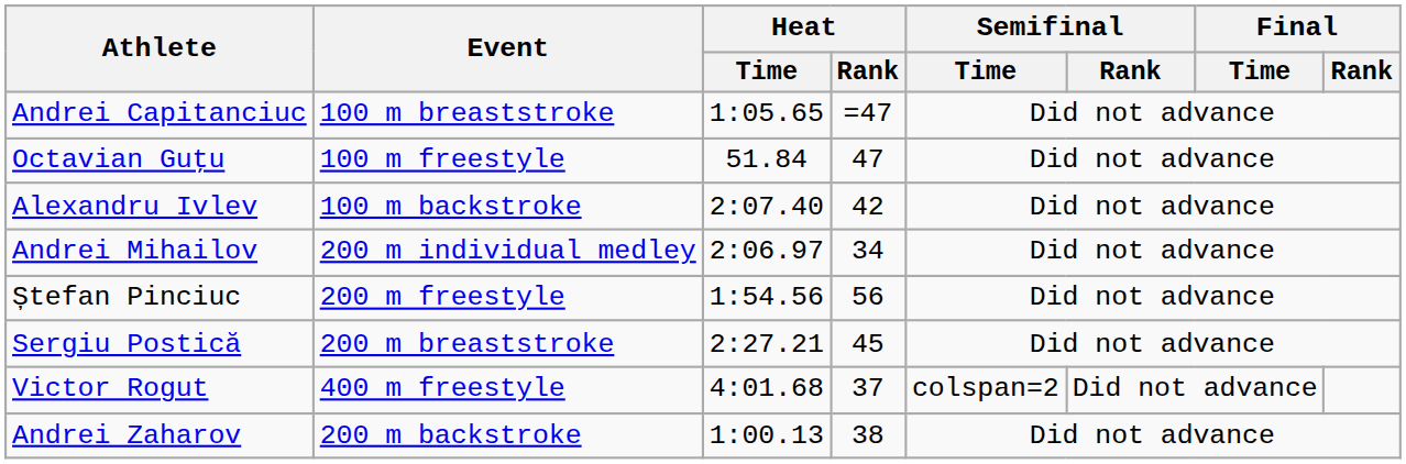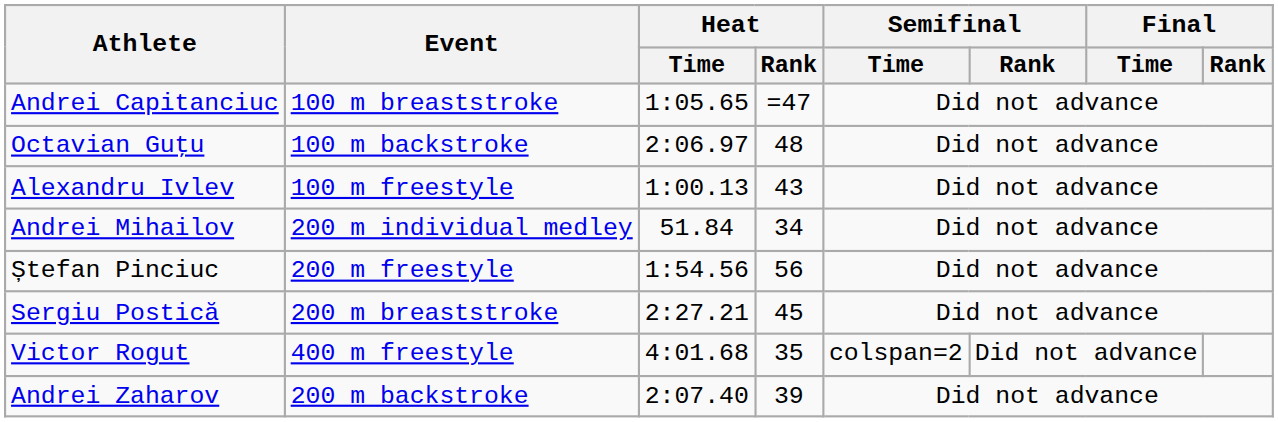 <table class=wikitable style="font-size:90%">
 <tr>
 <th rowspan="2">Athlete</th>
 <th rowspan="2">Event</th>
 <th colspan="2">Heat</th>
 <th colspan="2">Semifinal</th>
 <th colspan="2">Final</th>
 </tr>
 <tr style="font-size:95%">
 <th>Time</th>
 <th>Rank</th>
 <th>Time</th>
 <th>Rank</th>
 <th>Time</th>
 <th>Rank</th>
 </tr>
 <tr align=center>
 <td align=left><a href='#'>Andrei Capitanciuc</a></td>
 <td align=left><a href='#'>100 m breaststroke</a></td>
 <td>1:05.65</td>
 <td>=47</td>
 <td colspan=4>Did not advance</td>
 </tr>
 <tr align=center>
 <td align=left><a href='#'>Octavian Guţu</a></td>
-<td align=left><a href='#'>100 m freestyle</a></td>
-<td>51.84</td>
-<td>47</td>
+<td align=left><a href='#'>100 m backstroke</a></td>
+<td>2:06.97</td>
+<td>48</td>
 <td colspan=4>Did not advance</td>
 </tr>
 <tr align=center>
 <td align=left><a href='#'>Alexandru Ivlev</a></td>
-<td align=left><a href='#'>100 m backstroke</a></td>
-<td>2:07.40</td>
-<td>42</td>
+<td align=left><a href='#'>100 m freestyle</a></td>
+<td>1:00.13</td>
+<td>43</td>
 <td colspan=4>Did not advance</td>
 </tr>
 <tr align=center>
 <td align=left><a href='#'>Andrei Mihailov</a></td>
 <td align=left><a href='#'>200 m individual medley</a></td>
-<td>2:06.97</td>
+<td>51.84</td>
 <td>34</td>
 <td colspan=4>Did not advance</td>
 </tr>
 <tr align=center>
 <td align=left>Ștefan Pinciuc</td>
 <td align=left><a href='#'>200 m freestyle</a></td>
 <td>1:54.56</td>
 <td>56</td>
 <td colspan=4>Did not advance</td>
 </tr>
 <tr align=center>
 <td align=left><a href='#'>Sergiu Postică</a></td>
 <td align=left><a href='#'>200 m breaststroke</a></td>
 <td>2:27.21</td>
 <td>45</td>
 <td colspan=4>Did not advance</td>
 </tr>
 <tr align=center>
 <td align=left><a href='#'>Victor Rogut</a></td>
 <td align=left><a href='#'>400 m freestyle</a></td>
 <td>4:01.68</td>
-<td>37</td>
+<td>35</td>
 <td>colspan=2 </td>
 <td colspan=2>Did not advance</td>
 </tr>
 <tr align=center>
 <td align=left><a href='#'>Andrei Zaharov</a></td>
 <td align=left><a href='#'>200 m backstroke</a></td>
-<td>1:00.13</td>
-<td>38</td>
+<td>2:07.40</td>
+<td>39</td>
 <td colspan=4>Did not advance</td>
 </tr>
 </table>
